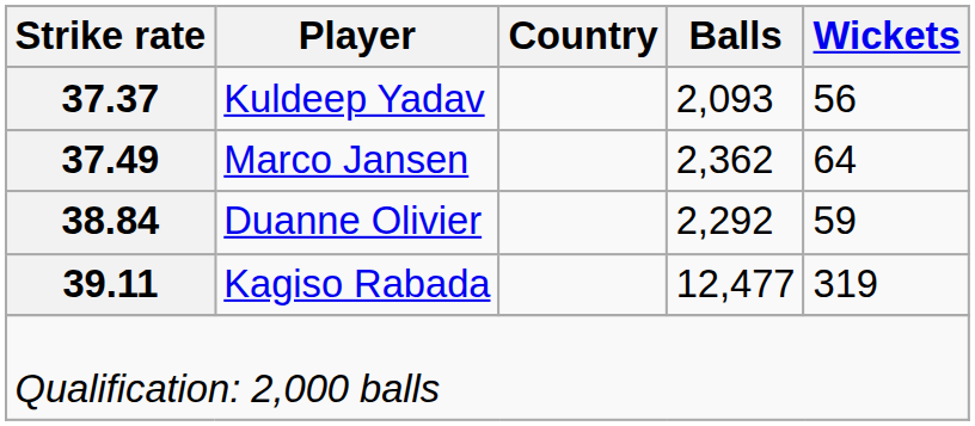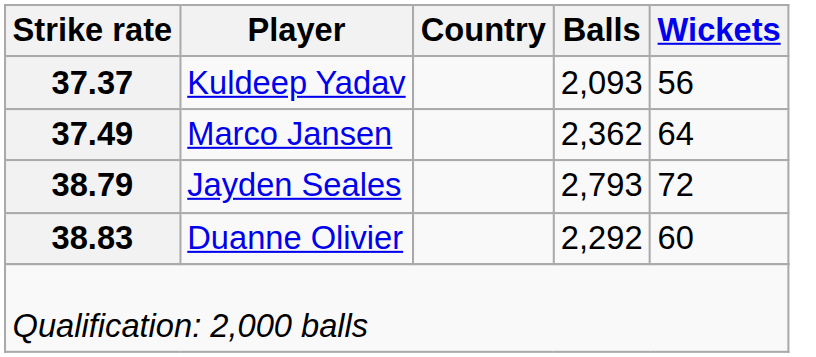 <table class="wikitable sortable">
 <tr>
 <th align="center">Strike rate</th>
 <th align="center">Player</th>
 <th align="center">Country</th>
 <th align="center">Balls</th>
 <th align="center"><a href='#'>Wickets</a></th>
 </tr>
 <tr>
 <th>37.37</th>
 <td><a href='#'>Kuldeep Yadav</a></td>
 <td></td>
 <td>2,093</td>
 <td>56</td>
 </tr>
 <tr>
 <th>37.49</th>
 <td><a href='#'>Marco Jansen</a></td>
 <td></td>
 <td>2,362</td>
 <td>64</td>
 </tr>
 <tr>
-<th>38.84</th>
+<th>38.79</th>
+<td><a href='#'>Jayden Seales</a></td>
+<td></td>
+<td>2,793</td>
+<td>72</td>
+</tr>
+<tr>
+<th>38.83</th>
 <td><a href='#'>Duanne Olivier</a></td>
 <td></td>
 <td>2,292</td>
-<td>59</td>
-</tr>
-<tr>
-<th>39.11</th>
-<td><a href='#'>Kagiso Rabada</a></td>
-<td></td>
-<td>12,477</td>
-<td>319</td>
+<td>60</td>
 </tr>
 <tr>
 </tr>
 <tr class="sortbottom">
 <td colspan=5><br><em>Qualification: 2,000 balls</em><br> </td>
 </tr>
 </table>
